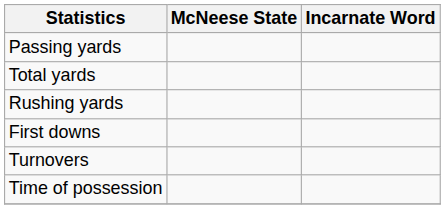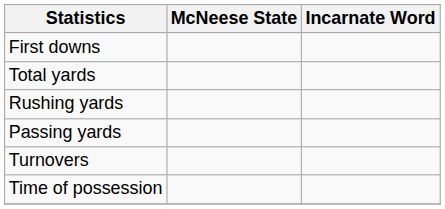 <table class="wikitable">
 <tr>
 <th>Statistics</th>
 <th>McNeese State</th>
 <th>Incarnate Word</th>
 </tr>
 <tr>
-<td>Passing yards</td>
+<td>First downs</td>
 <td> </td>
 <td> </td>
 </tr>
 <tr>
 <td>Total yards</td>
 <td> </td>
 <td> </td>
 </tr>
 <tr>
 <td>Rushing yards</td>
 <td> </td>
 <td> </td>
 </tr>
 <tr>
-<td>First downs</td>
+<td>Passing yards</td>
 <td> </td>
 <td> </td>
 </tr>
 <tr>
 <td>Turnovers</td>
 <td> </td>
 <td> </td>
 </tr>
 <tr>
 <td>Time of possession</td>
 <td> </td>
 <td> </td>
 </tr>
 <tr>
 </tr>
 </table>
